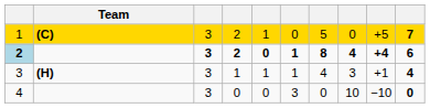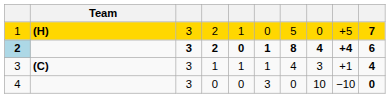 <table class="wikitable" style="text-align:center;">
 <tr>
 <th width=30></th>
 <th width=200>Team</th>
 <th width=30></th>
 <th width=30></th>
 <th width=30></th>
 <th width=30></th>
 <th width=30></th>
 <th width=30></th>
 <th width=30></th>
 <th width=30></th>
 </tr>
 <tr bgcolor=gold>
 <td>1</td>
-<td align="left"> <strong>(C)</strong></td>
+<td align="left"> <strong>(H)</strong></td>
 <td>3</td>
 <td>2</td>
 <td>1</td>
 <td>0</td>
 <td>5</td>
 <td>0</td>
 <td>+5</td>
 <td><strong>7</strong></td>
 </tr>
 <tr>
 <td style="background: lightblue;"><strong>2</strong></td>
 <td align="left"><strong></strong></td>
 <td><strong>3</strong></td>
 <td><strong>2</strong></td>
 <td><strong>0</strong></td>
 <td><strong>1</strong></td>
 <td><strong>8</strong></td>
 <td><strong>4</strong></td>
 <td><strong>+4</strong></td>
 <td><strong>6</strong></td>
 </tr>
 <tr>
 <td>3</td>
-<td align="left"> <strong>(H)</strong></td>
+<td align="left"> <strong>(C)</strong></td>
 <td>3</td>
 <td>1</td>
 <td>1</td>
 <td>1</td>
 <td>4</td>
 <td>3</td>
 <td>+1</td>
 <td><strong>4</strong></td>
 </tr>
 <tr>
 <td>4</td>
 <td align="left"></td>
 <td>3</td>
 <td>0</td>
 <td>0</td>
 <td>3</td>
 <td>0</td>
 <td>10</td>
 <td>−10</td>
 <td><strong>0</strong></td>
 </tr>
 </table>
